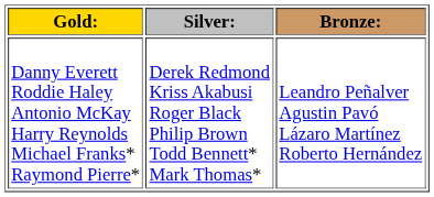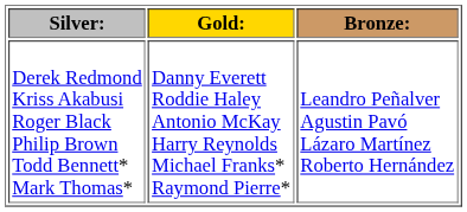 <table border="1" Cellpadding="2">
 <tr>
+<td style="text-align:center;background-color:silver;"><strong>Silver:</strong></td>
 <td style="text-align:center;background-color:gold;"><strong>Gold:</strong></td>
-<td style="text-align:center;background-color:silver;"><strong>Silver:</strong></td>
 <td style="text-align:center;background-color:#CC9966;"><strong>Bronze:</strong></td>
 </tr>
 <tr>
+<td><br><a href='#'>Derek Redmond</a><br><a href='#'>Kriss Akabusi</a><br><a href='#'>Roger Black</a><br><a href='#'>Philip Brown</a><br><a href='#'>Todd Bennett</a>*<br><a href='#'>Mark Thomas</a>*</td>
 <td><br><a href='#'>Danny Everett</a><br><a href='#'>Roddie Haley</a><br><a href='#'>Antonio McKay</a><br><a href='#'>Harry Reynolds</a><br><a href='#'>Michael Franks</a>*<br><a href='#'>Raymond Pierre</a>*</td>
-<td><br><a href='#'>Derek Redmond</a><br><a href='#'>Kriss Akabusi</a><br><a href='#'>Roger Black</a><br><a href='#'>Philip Brown</a><br><a href='#'>Todd Bennett</a>*<br><a href='#'>Mark Thomas</a>*</td>
 <td><br><a href='#'>Leandro Peñalver</a><br><a href='#'>Agustin Pavó</a><br><a href='#'>Lázaro Martínez</a><br><a href='#'>Roberto Hernández</a></td>
 </tr>
 </table>
